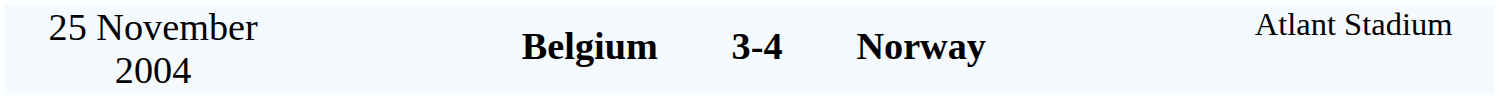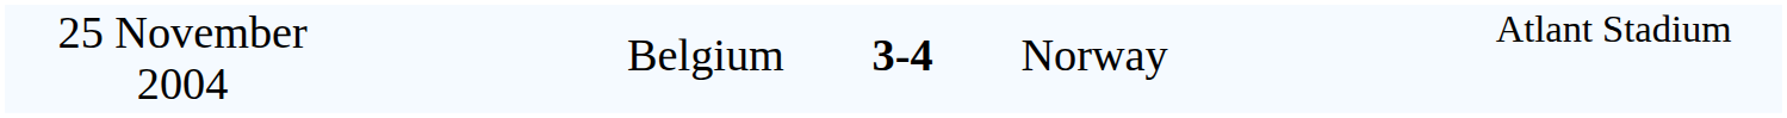 <table style="width: 100%; background:#F5FAFF;" cellspacing="0">
 <tr>
 <td align=center rowspan=3 width=20%>25 November 2004</td>
 </tr>
 <tr>
-<td width=24% align=right><strong>Belgium </strong></td>
+<td width=24% align=right>Belgium </td>
 <td align=center width=13%><strong>3-4</strong></td>
-<td width=24%><strong> Norway</strong></td>
+<td width=24%> Norway</td>
 <td style=font-size:85% rowspan=3 valign=top align=center>Atlant Stadium</td>
 </tr>
 <tr style=font-size:85%>
 <td align=right valign=top></td>
 <td></td>
 <td></td>
 </tr>
 </table>
